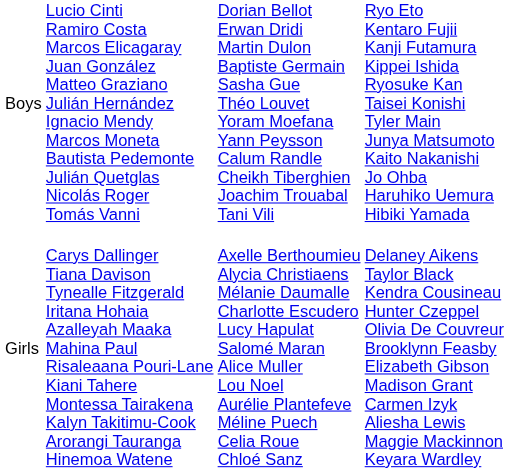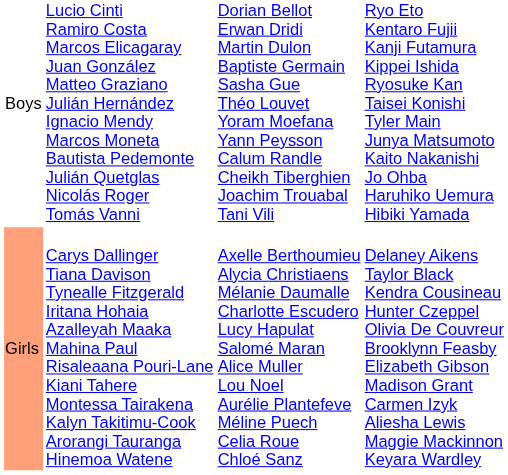 <table>
 <tr>
 <td>Boys<br></td>
 <td><br><a href='#'>Lucio Cinti</a><br><a href='#'>Ramiro Costa</a><br><a href='#'>Marcos Elicagaray</a><br><a href='#'>Juan González</a><br><a href='#'>Matteo Graziano</a><br><a href='#'>Julián Hernández</a><br><a href='#'>Ignacio Mendy</a><br><a href='#'>Marcos Moneta</a><br><a href='#'>Bautista Pedemonte</a><br><a href='#'>Julián Quetglas</a><br><a href='#'>Nicolás Roger</a><br><a href='#'>Tomás Vanni</a></td>
 <td><br><a href='#'>Dorian Bellot</a><br><a href='#'>Erwan Dridi</a><br><a href='#'>Martin Dulon</a><br><a href='#'>Baptiste Germain</a><br><a href='#'>Sasha Gue</a><br><a href='#'>Théo Louvet</a><br><a href='#'>Yoram Moefana</a><br><a href='#'>Yann Peysson</a><br><a href='#'>Calum Randle</a><br><a href='#'>Cheikh Tiberghien</a><br><a href='#'>Joachim Trouabal</a><br><a href='#'>Tani Vili</a></td>
 <td><br><a href='#'>Ryo Eto</a><br><a href='#'>Kentaro Fujii</a><br><a href='#'>Kanji Futamura</a><br><a href='#'>Kippei Ishida</a><br><a href='#'>Ryosuke Kan</a><br><a href='#'>Taisei Konishi</a><br><a href='#'>Tyler Main</a><br><a href='#'>Junya Matsumoto</a><br><a href='#'>Kaito Nakanishi</a><br><a href='#'>Jo Ohba</a><br><a href='#'>Haruhiko Uemura</a><br><a href='#'>Hibiki Yamada</a></td>
 </tr>
 <tr>
-<td>Girls<br></td>
+<td style="background: lightsalmon;">Girls<br></td>
 <td><br><a href='#'>Carys Dallinger</a><br><a href='#'>Tiana Davison</a><br><a href='#'>Tynealle Fitzgerald</a><br><a href='#'>Iritana Hohaia</a><br><a href='#'>Azalleyah Maaka</a><br><a href='#'>Mahina Paul</a><br><a href='#'>Risaleaana Pouri-Lane</a><br><a href='#'>Kiani Tahere</a><br><a href='#'>Montessa Tairakena</a><br><a href='#'>Kalyn Takitimu-Cook</a><br><a href='#'>Arorangi Tauranga</a><br><a href='#'>Hinemoa Watene</a></td>
 <td><br><a href='#'>Axelle Berthoumieu</a><br><a href='#'>Alycia Christiaens</a><br><a href='#'>Mélanie Daumalle</a><br><a href='#'>Charlotte Escudero</a><br><a href='#'>Lucy Hapulat</a><br><a href='#'>Salomé Maran</a><br><a href='#'>Alice Muller</a><br><a href='#'>Lou Noel</a><br><a href='#'>Aurélie Plantefeve</a><br><a href='#'>Méline Puech</a><br><a href='#'>Celia Roue</a><br><a href='#'>Chloé Sanz</a></td>
 <td><br><a href='#'>Delaney Aikens</a><br><a href='#'>Taylor Black</a><br><a href='#'>Kendra Cousineau</a><br><a href='#'>Hunter Czeppel</a><br><a href='#'>Olivia De Couvreur</a><br><a href='#'>Brooklynn Feasby</a><br><a href='#'>Elizabeth Gibson</a><br><a href='#'>Madison Grant</a><br><a href='#'>Carmen Izyk</a><br><a href='#'>Aliesha Lewis</a><br><a href='#'>Maggie Mackinnon</a><br><a href='#'>Keyara Wardley</a></td>
 </tr>
 </table>
